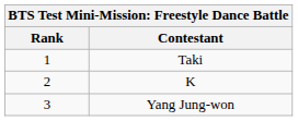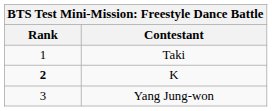 <table class="wikitable" style="text-align:center">
 <tr>
 <th colspan="2">BTS Test Mini-Mission: Freestyle Dance Battle</th>
 </tr>
 <tr>
 <th>Rank</th>
 <th>Contestant</th>
 </tr>
 <tr>
 <td>1</td>
 <td>Taki</td>
 </tr>
 <tr>
-<td>2</td>
+<td><strong>2</strong></td>
 <td>K</td>
 </tr>
 <tr>
 <td>3</td>
 <td>Yang Jung-won</td>
 </tr>
 </table>
